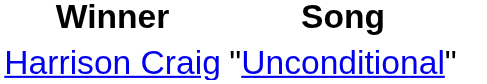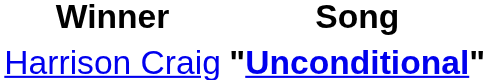 <table>
 <tr>
 <th><br>Winner</th>
 <th><br>Song</th>
 </tr>
 <tr>
 <td><a href='#'>Harrison Craig</a></td>
-<td>"<a href='#'>Unconditional</a>"</td>
+<td><strong>"<a href='#'>Unconditional</a>"</strong></td>
 </tr>
 </table>
